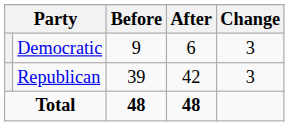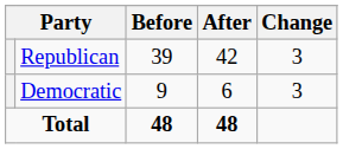 <table class="wikitable" style="text-align:center;">
 <tr>
 </tr>
 <tr>
 <th colspan=2>Party</th>
 <th>Before</th>
 <th>After</th>
 <th>Change</th>
 </tr>
 <tr>
 <th style="background-color:"></th>
-<td style="text-align:left;"><a href='#'>Democratic</a></td>
-<td>9</td>
-<td>6</td>
+<td style="text-align:left;"><a href='#'>Republican</a></td>
+<td>39</td>
+<td>42</td>
 <td> 3</td>
 </tr>
 <tr>
 <th style="background-color:"></th>
-<td style="text-align:left;"><a href='#'>Republican</a></td>
-<td>39</td>
-<td>42</td>
+<td style="text-align:left;"><a href='#'>Democratic</a></td>
+<td>9</td>
+<td>6</td>
 <td> 3</td>
 </tr>
 <tr>
 <td colspan=2><strong>Total</strong></td>
 <td><strong>48</strong></td>
 <td><strong>48</strong></td>
 <td></td>
 </tr>
 </table>
